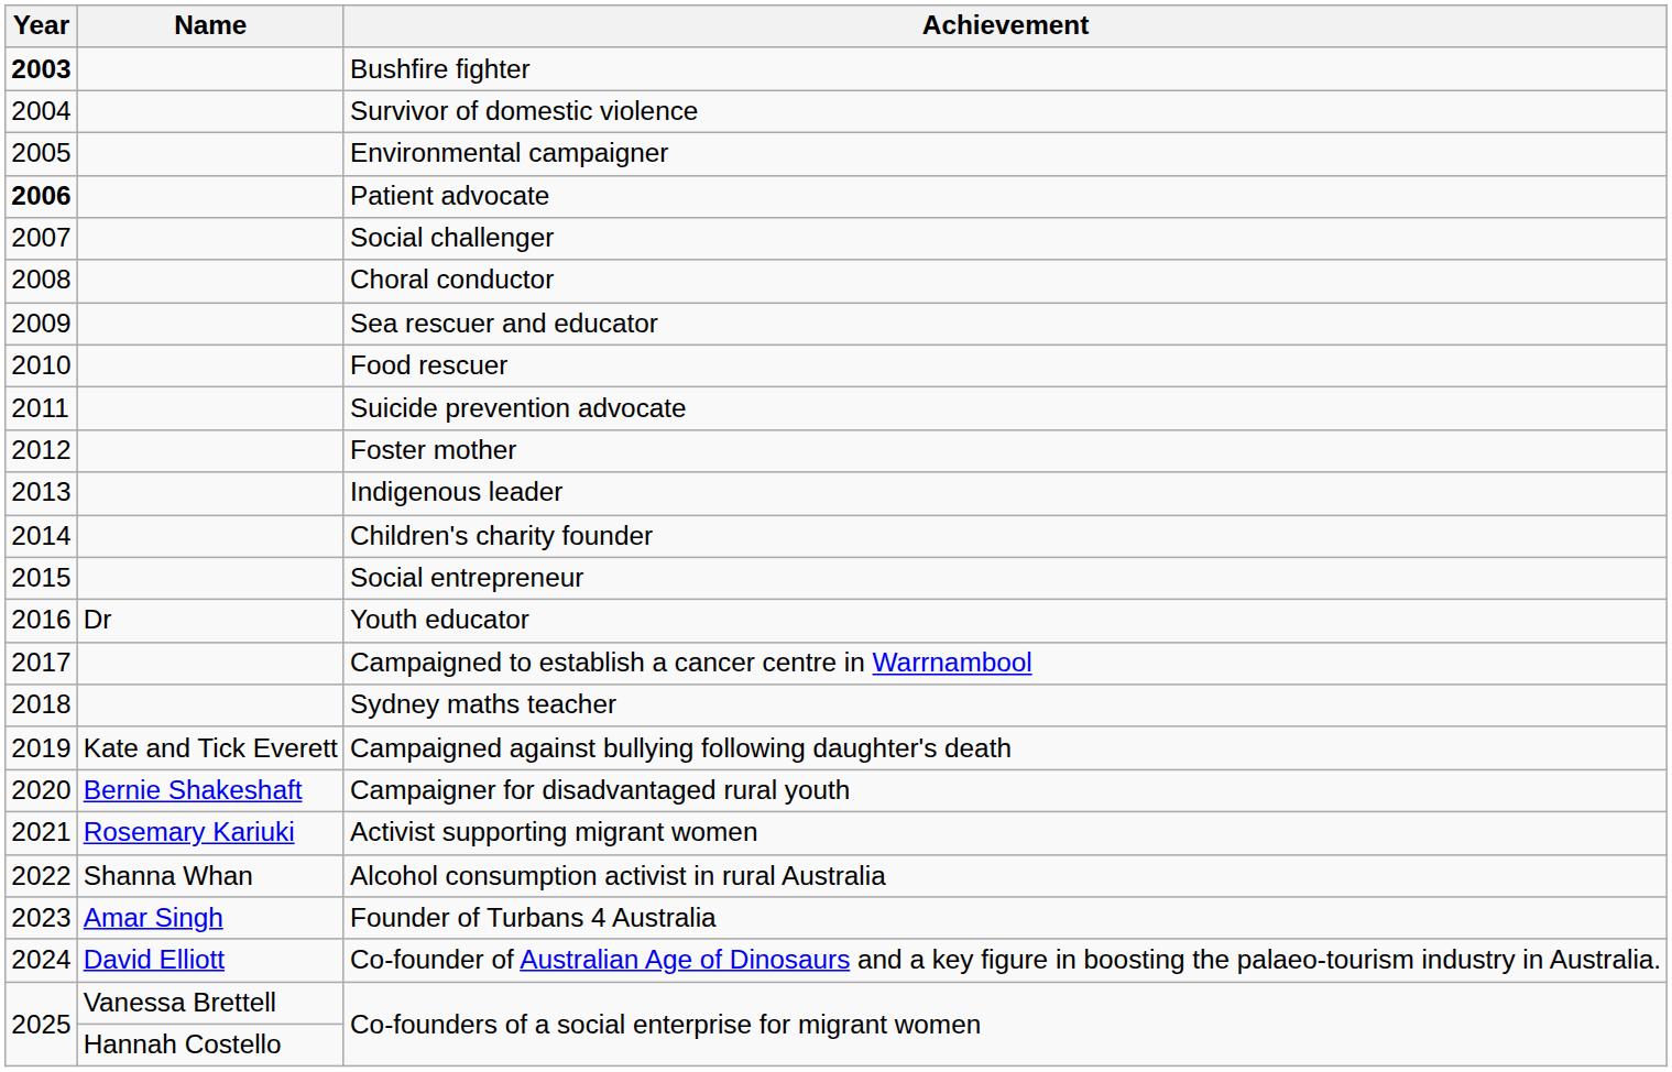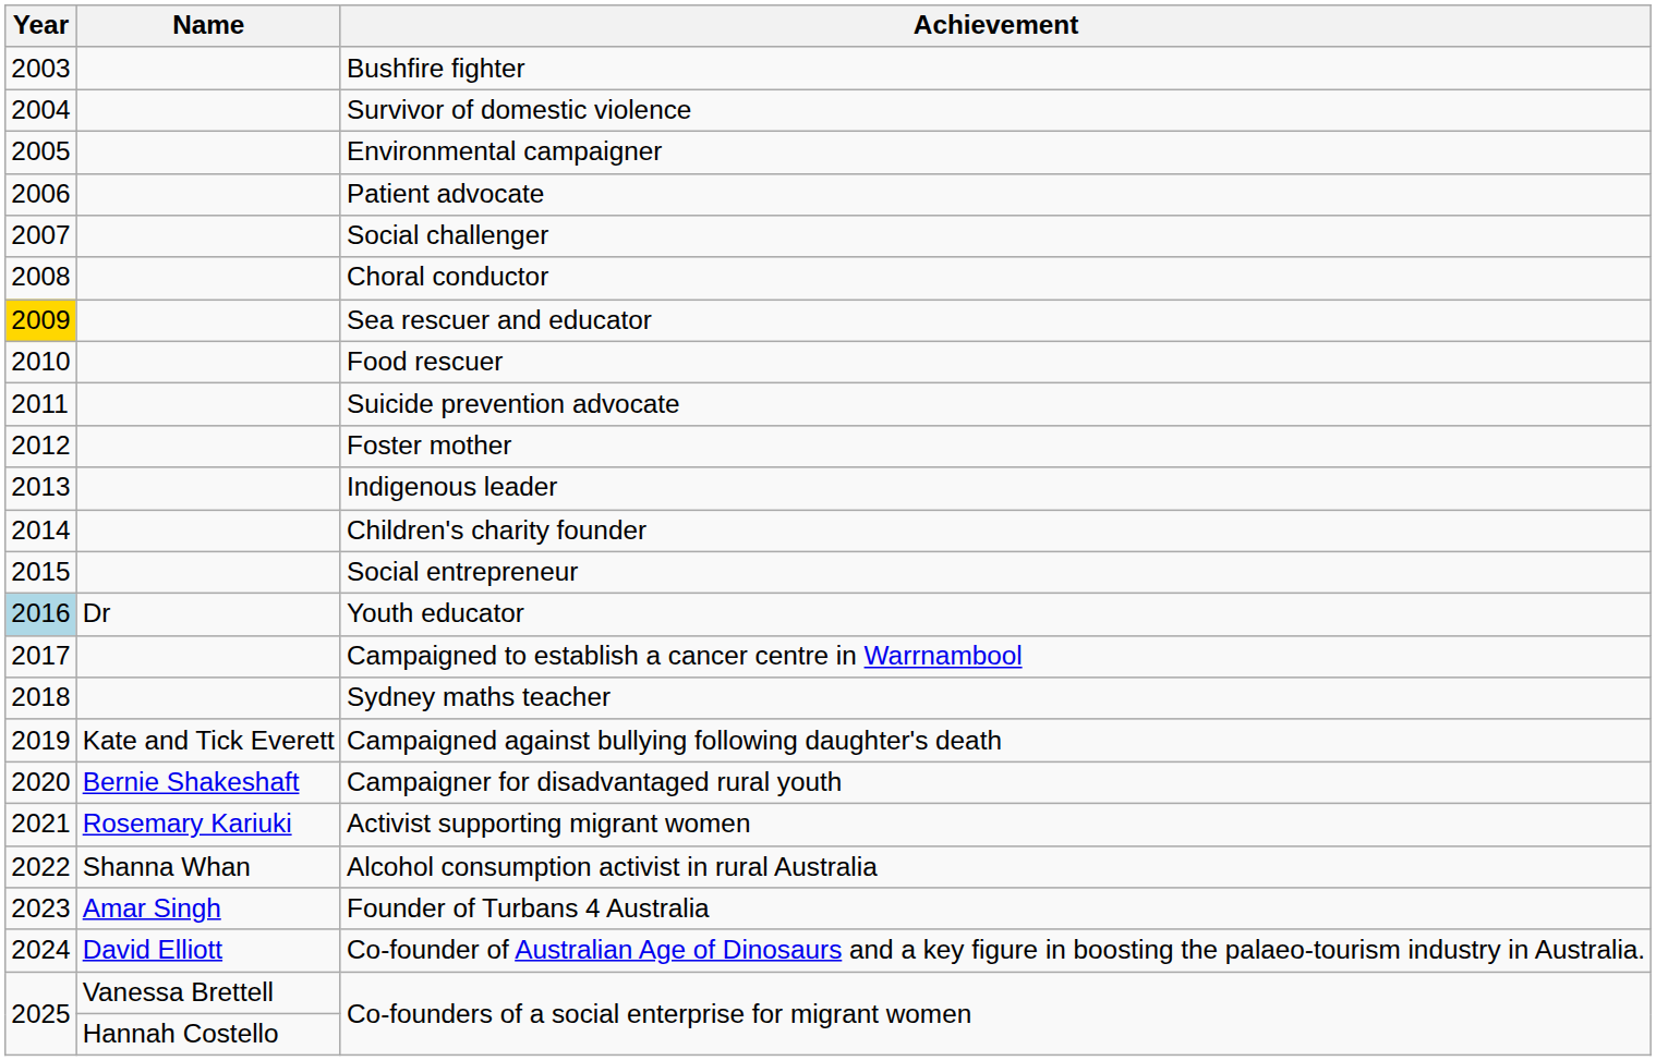 <table class=wikitable>
 <tr>
 <th>Year</th>
 <th>Name</th>
 <th>Achievement</th>
 </tr>
 <tr>
-<td><strong>2003</strong></td>
+<td>2003</td>
 <td> </td>
 <td>Bushfire fighter</td>
 </tr>
 <tr>
 <td>2004</td>
 <td></td>
 <td>Survivor of domestic violence</td>
 </tr>
 <tr>
 <td>2005</td>
 <td></td>
 <td>Environmental campaigner</td>
 </tr>
 <tr>
-<td><strong>2006</strong></td>
+<td>2006</td>
 <td></td>
 <td>Patient advocate</td>
 </tr>
 <tr>
 <td>2007</td>
 <td></td>
 <td>Social challenger</td>
 </tr>
 <tr>
 <td>2008</td>
 <td> </td>
 <td>Choral conductor</td>
 </tr>
 <tr>
-<td>2009</td>
+<td style="background: gold;">2009</td>
 <td></td>
 <td>Sea rescuer and educator</td>
 </tr>
 <tr>
 <td>2010</td>
 <td></td>
 <td>Food rescuer</td>
 </tr>
 <tr>
 <td>2011</td>
 <td> </td>
 <td>Suicide prevention advocate</td>
 </tr>
 <tr>
 <td>2012</td>
 <td></td>
 <td>Foster mother</td>
 </tr>
 <tr>
 <td>2013</td>
 <td></td>
 <td>Indigenous leader</td>
 </tr>
 <tr>
 <td>2014</td>
 <td></td>
 <td>Children's charity founder</td>
 </tr>
 <tr>
 <td>2015</td>
 <td></td>
 <td>Social entrepreneur</td>
 </tr>
 <tr>
-<td>2016</td>
+<td style="background: lightblue;">2016</td>
 <td>Dr </td>
 <td>Youth educator</td>
 </tr>
 <tr>
 <td>2017</td>
 <td></td>
 <td>Campaigned to establish a cancer centre in <a href='#'>Warrnambool</a></td>
 </tr>
 <tr>
 <td>2018</td>
 <td></td>
 <td>Sydney maths teacher</td>
 </tr>
 <tr>
 <td>2019</td>
 <td>Kate and Tick Everett</td>
 <td>Campaigned against bullying following daughter's death</td>
 </tr>
 <tr>
 <td>2020</td>
 <td><a href='#'>Bernie Shakeshaft</a></td>
 <td>Campaigner for disadvantaged rural youth</td>
 </tr>
 <tr>
 <td>2021</td>
 <td><a href='#'>Rosemary Kariuki</a></td>
 <td>Activist supporting migrant women</td>
 </tr>
 <tr>
 <td>2022</td>
 <td>Shanna Whan</td>
 <td>Alcohol consumption activist in rural Australia</td>
 </tr>
 <tr>
 <td>2023</td>
 <td><a href='#'>Amar Singh</a></td>
 <td>Founder of Turbans 4 Australia</td>
 </tr>
 <tr>
 <td>2024</td>
 <td><a href='#'>David Elliott</a></td>
 <td>Co-founder of <a href='#'>Australian Age of Dinosaurs</a> and a key figure in boosting the palaeo-tourism industry in Australia.</td>
 </tr>
 <tr>
 <td rowspan="2">2025</td>
 <td>Vanessa Brettell</td>
 <td rowspan="2">Co-founders of a social enterprise for migrant women</td>
 </tr>
 <tr>
 <td>Hannah Costello</td>
 </tr>
 </table>
